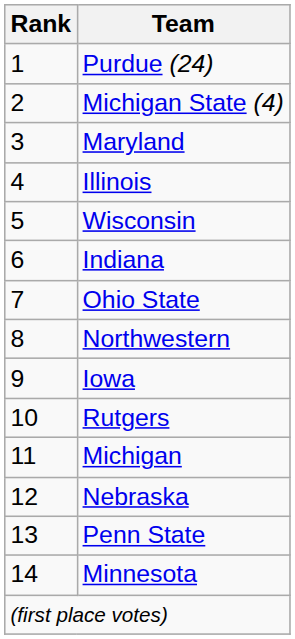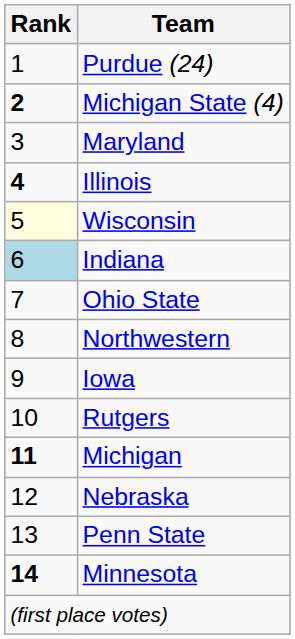 <table class="wikitable">
 <tr>
 <th>Rank</th>
 <th>Team</th>
 </tr>
 <tr>
 <td>1</td>
 <td><a href='#'>Purdue</a> <em>(24)</em></td>
 </tr>
 <tr>
-<td>2</td>
+<td><strong>2</strong></td>
 <td><a href='#'>Michigan State</a> <em>(4)</em></td>
 </tr>
 <tr>
 <td>3</td>
 <td><a href='#'>Maryland</a></td>
 </tr>
 <tr>
-<td>4</td>
+<td><strong>4</strong></td>
 <td><a href='#'>Illinois</a></td>
 </tr>
 <tr>
-<td>5</td>
+<td style="background: lightyellow;">5</td>
 <td><a href='#'>Wisconsin</a></td>
 </tr>
 <tr>
-<td>6</td>
+<td style="background: lightblue;">6</td>
 <td><a href='#'>Indiana</a></td>
 </tr>
 <tr>
 <td>7</td>
 <td><a href='#'>Ohio State</a></td>
 </tr>
 <tr>
 <td>8</td>
 <td><a href='#'>Northwestern</a></td>
 </tr>
 <tr>
 <td>9</td>
 <td><a href='#'>Iowa</a></td>
 </tr>
 <tr>
 <td>10</td>
 <td><a href='#'>Rutgers</a></td>
 </tr>
 <tr>
-<td>11</td>
+<td><strong>11</strong></td>
 <td><a href='#'>Michigan</a></td>
 </tr>
 <tr>
 <td>12</td>
 <td><a href='#'>Nebraska</a></td>
 </tr>
 <tr>
 <td>13</td>
 <td><a href='#'>Penn State</a></td>
 </tr>
 <tr>
-<td>14</td>
+<td><strong>14</strong></td>
 <td><a href='#'>Minnesota</a></td>
 </tr>
 <tr>
 <td colspan="3" valign="middle"><small><em>(first place votes)</em></small></td>
 </tr>
 </table>
